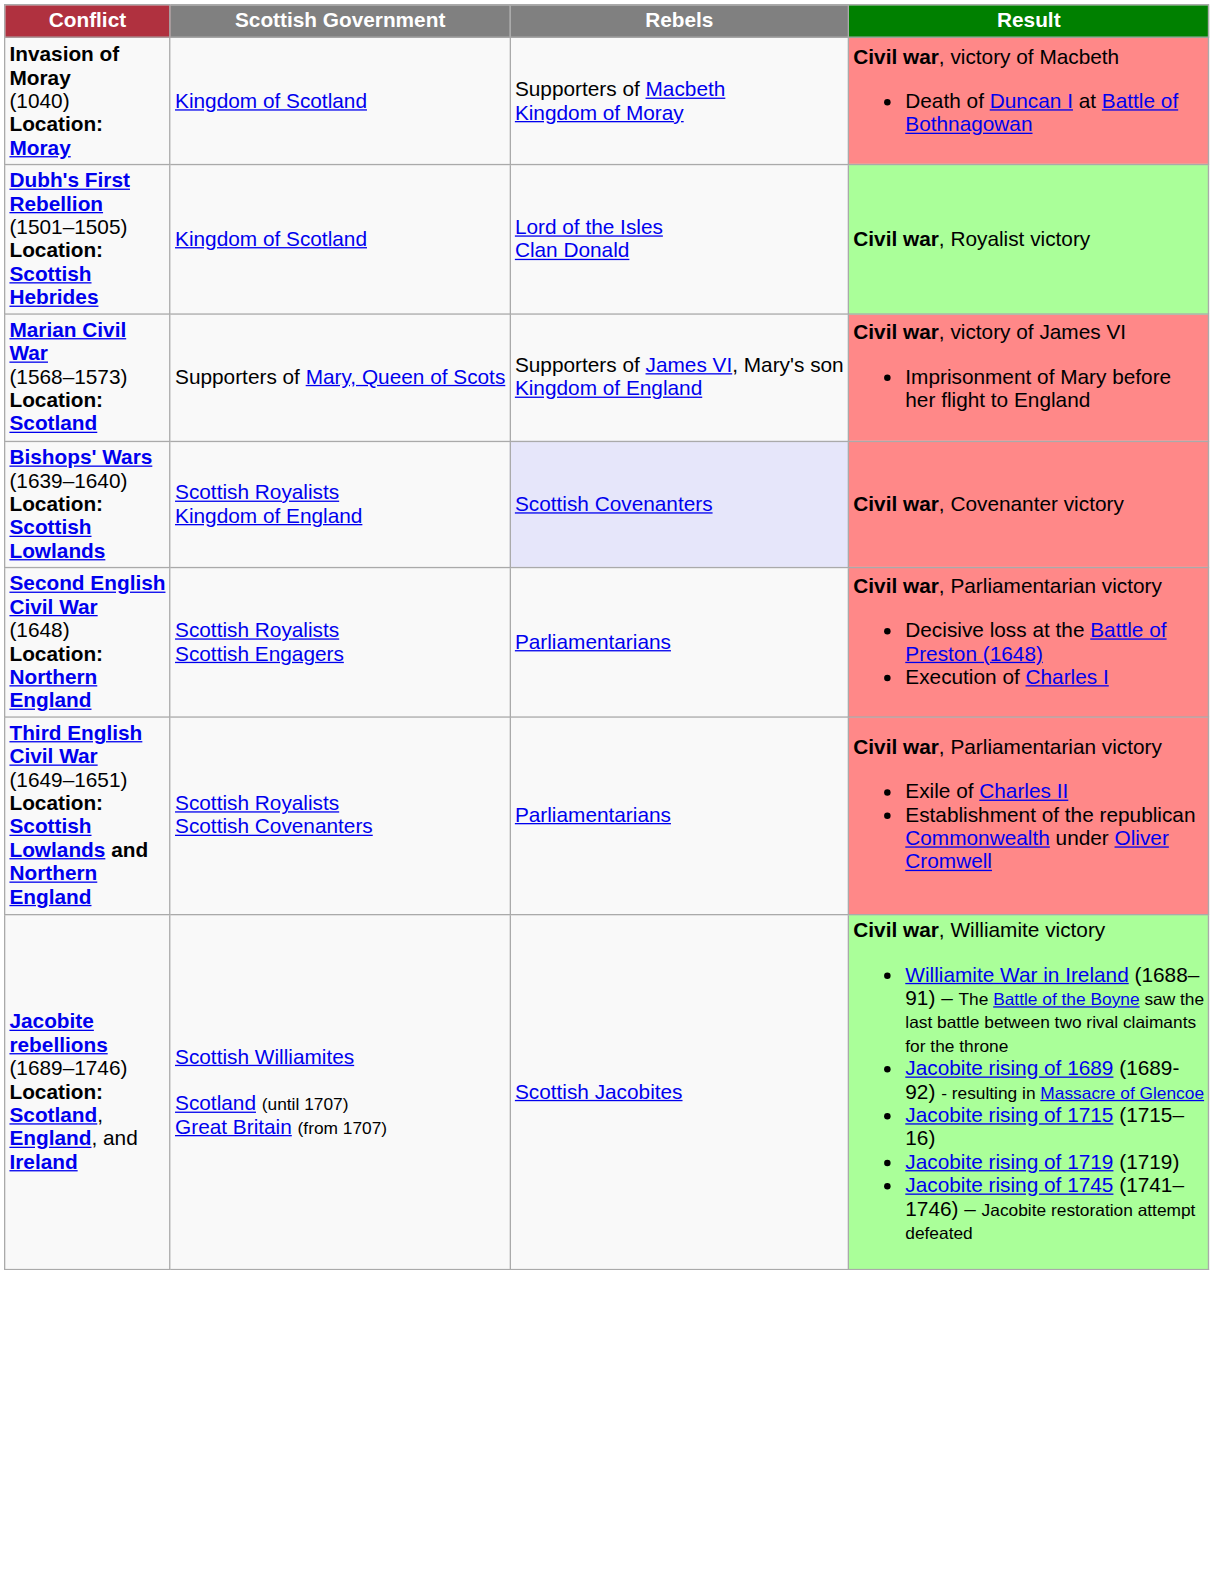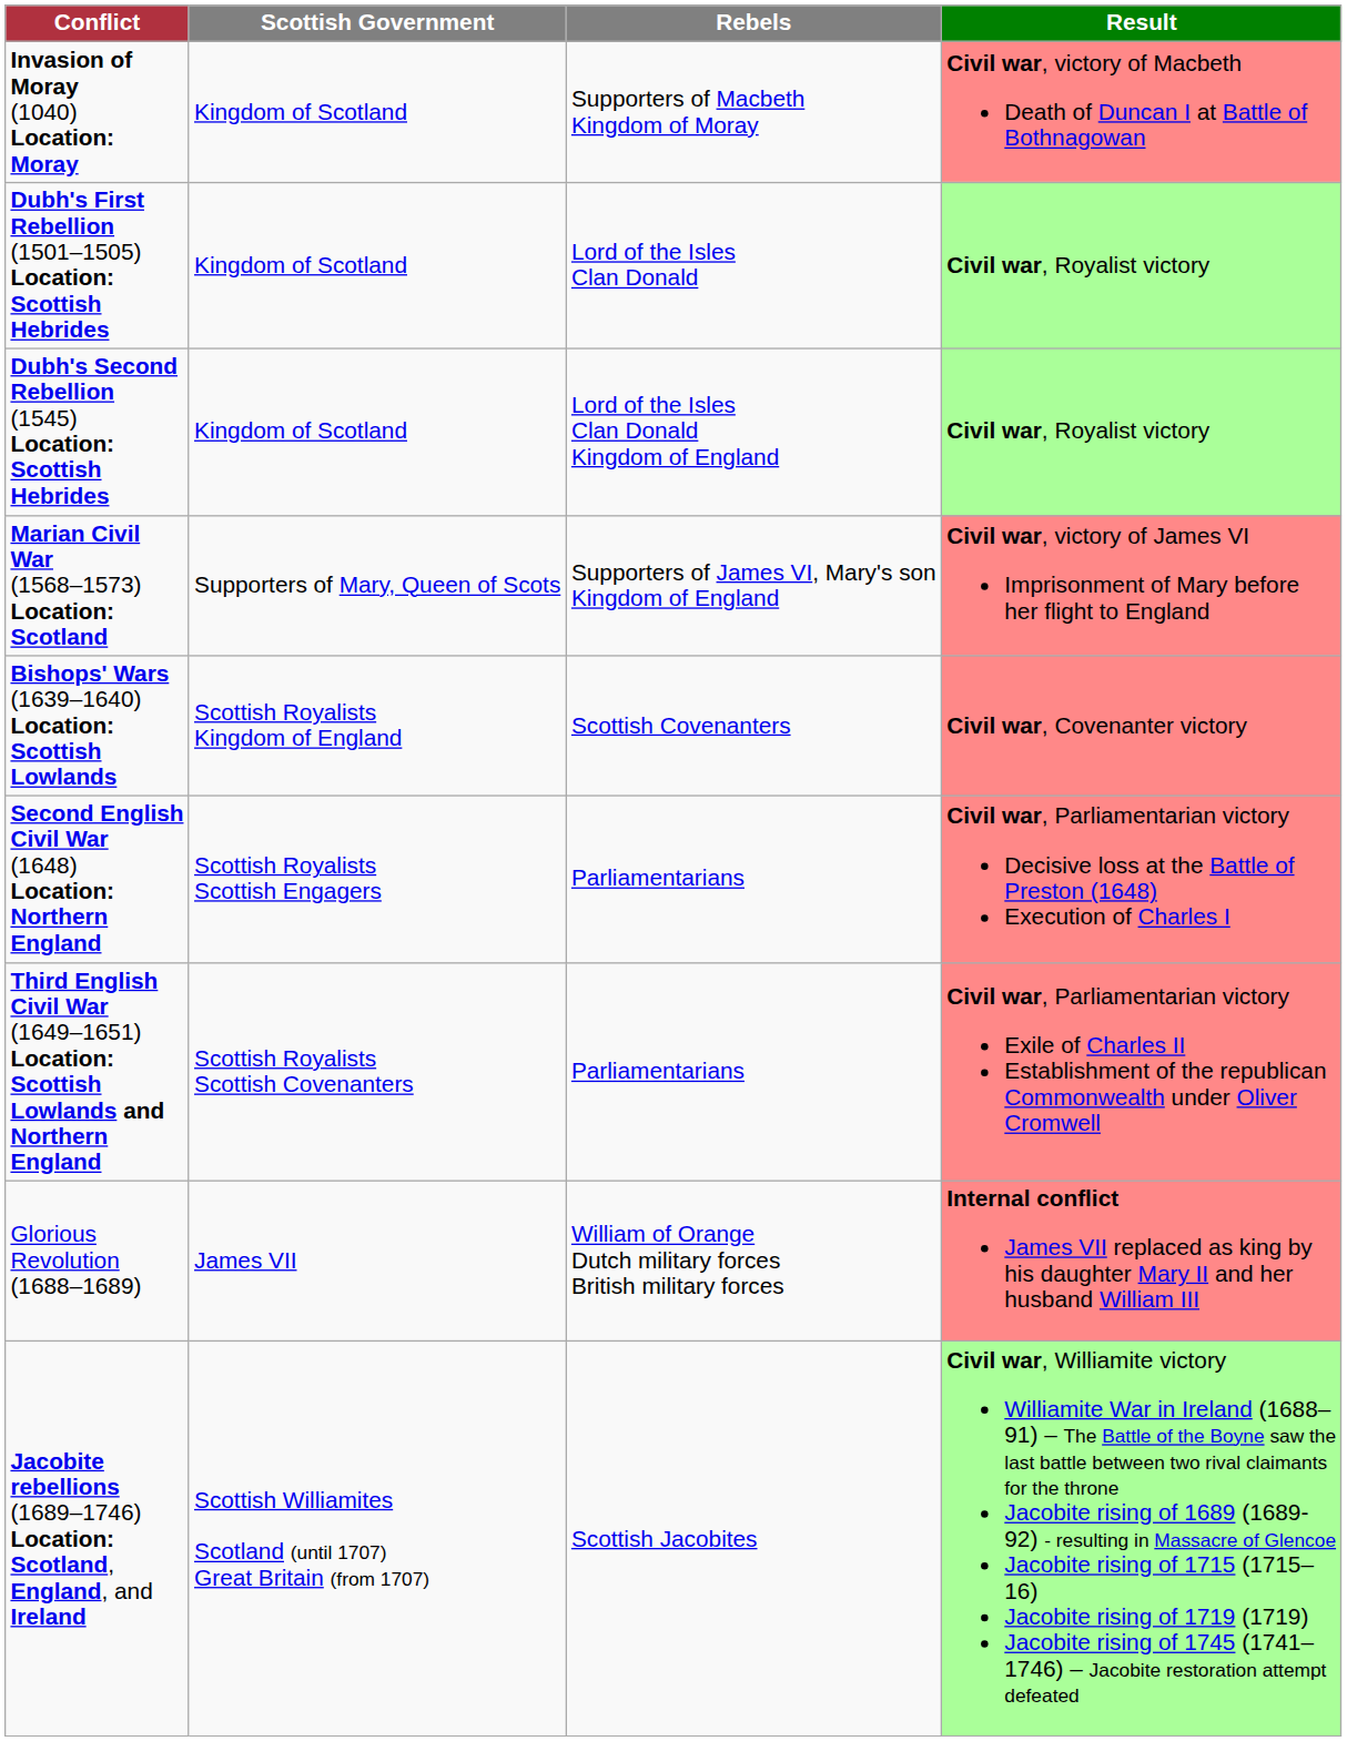 <table class="wikitable">
 <tr>
 <th style="color: white; background:#b0313f; width:120px;">Conflict</th>
 <th style="color: white; background:gray;">Scottish Government</th>
 <th style="color: white; background:gray;">Rebels</th>
 <th style="color: white; background:green; width:270px;">Result</th>
 </tr>
 <tr>
 <td><strong>Invasion of Moray</strong><br>(1040)<br><strong>Location: <a href='#'>Moray</a></strong></td>
 <td> <a href='#'>Kingdom of Scotland</a></td>
 <td>Supporters of <a href='#'>Macbeth</a><br><a href='#'>Kingdom of Moray</a></td>
 <td style="Background:#F88"><strong>Civil war</strong>, victory of Macbeth<br><ul><li>Death of <a href='#'>Duncan I</a> at <a href='#'>Battle of Bothnagowan</a></li></ul></td>
 </tr>
 <tr>
 <td><strong><a href='#'>Dubh's First Rebellion</a></strong><br>(1501–1505)<br><strong>Location: <a href='#'>Scottish Hebrides</a></strong></td>
 <td> <a href='#'>Kingdom of Scotland</a></td>
 <td> <a href='#'>Lord of the Isles</a><br> <a href='#'>Clan Donald</a></td>
 <td style="Background:#AF9"><strong>Civil war</strong>, Royalist victory</td>
 </tr>
 <tr>
+<td><strong><a href='#'>Dubh's Second Rebellion</a></strong><br>(1545)<br><strong>Location: <a href='#'>Scottish Hebrides</a></strong></td>
+<td> <a href='#'>Kingdom of Scotland</a></td>
+<td> <a href='#'>Lord of the Isles</a><br> <a href='#'>Clan Donald</a><br> <a href='#'>Kingdom of England</a></td>
+<td style="Background:#AF9"><strong>Civil war</strong>, Royalist victory</td>
+</tr>
+<tr>
 <td><strong><a href='#'>Marian Civil War</a></strong><br>(1568–1573)<br><strong>Location: <a href='#'>Scotland</a></strong></td>
 <td> Supporters of <a href='#'>Mary, Queen of Scots</a></td>
 <td> Supporters of <a href='#'>James VI</a>, Mary's son<br> <a href='#'>Kingdom of England</a></td>
 <td style="Background:#F88"><strong>Civil war</strong>, victory of James VI<br><ul><li>Imprisonment of Mary before her flight to England</li></ul></td>
 </tr>
 <tr>
 <td><strong><a href='#'>Bishops' Wars</a></strong><br>(1639–1640)<br><strong>Location: <a href='#'>Scottish Lowlands</a></strong></td>
 <td> <a href='#'>Scottish Royalists</a><br> <a href='#'>Kingdom of England</a></td>
-<td style="background: lavender;"> <a href='#'>Scottish Covenanters</a></td>
+<td> <a href='#'>Scottish Covenanters</a></td>
 <td style="Background:#F88"><strong>Civil war</strong>, Covenanter victory</td>
 </tr>
 <tr>
 <td><strong><a href='#'>Second English Civil War</a></strong><br>(1648)<br><strong>Location: <a href='#'>Northern England</a></strong></td>
 <td> <a href='#'>Scottish Royalists</a><br> <a href='#'>Scottish Engagers</a></td>
 <td> <a href='#'>Parliamentarians</a></td>
 <td style="Background:#F88"><strong>Civil war</strong>, Parliamentarian victory<br><ul><li>Decisive loss at the <a href='#'>Battle of Preston (1648)</a></li><li>Execution of <a href='#'>Charles I</a></li></ul></td>
 </tr>
 <tr>
 <td><strong><a href='#'>Third English Civil War</a></strong><br>(1649–1651)<br><strong>Location: <a href='#'>Scottish Lowlands</a> and <a href='#'>Northern England</a></strong></td>
 <td> <a href='#'>Scottish Royalists</a><br> <a href='#'>Scottish Covenanters</a></td>
 <td> <a href='#'>Parliamentarians</a></td>
 <td style="Background:#F88"><strong>Civil war</strong>, Parliamentarian victory<br><ul><li>Exile of <a href='#'>Charles II</a></li><li>Establishment of the republican <a href='#'>Commonwealth</a> under <a href='#'>Oliver Cromwell</a></li></ul></td>
 </tr>
 <tr>
+<td><a href='#'>Glorious Revolution</a><br>(1688–1689)<br></td>
+<td> <a href='#'>James VII</a></td>
+<td><a href='#'>William of Orange</a><br>Dutch military forces<br>British military forces</td>
+<td style="Background:#F88"><strong>Internal conflict</strong><br><ul><li><a href='#'>James VII</a> replaced as king by his daughter <a href='#'>Mary II</a> and her husband <a href='#'>William III</a></li></ul></td>
+</tr>
+<tr>
 <td><strong><a href='#'>Jacobite rebellions</a></strong><br>(1689–1746)<br><strong>Location: <a href='#'>Scotland</a></strong>, <strong><a href='#'>England</a></strong>, and <strong><a href='#'>Ireland</a></strong></td>
 <td> <a href='#'>Scottish Williamites</a><br><br> <a href='#'>Scotland</a> <small>(until 1707)</small><br>  <a href='#'>Great Britain</a> <small>(from 1707)</small></td>
 <td> <a href='#'>Scottish Jacobites</a></td>
 <td style="Background:#AF9"><strong>Civil war</strong>, Williamite victory<br><ul><li><a href='#'>Williamite War in Ireland</a> (1688–91) – <small>The <a href='#'>Battle of the Boyne</a> saw the last battle between two rival claimants for the throne</small></li><li><a href='#'>Jacobite rising of 1689</a> (1689-92) <small>- resulting in <a href='#'>Massacre of Glencoe</a></small></li><li><a href='#'>Jacobite rising of 1715</a> (1715–16)</li><li><a href='#'>Jacobite rising of 1719</a> (1719)</li><li><a href='#'>Jacobite rising of 1745</a> (1741–1746) – <small>Jacobite restoration attempt defeated</small></li></ul></td>
 </tr>
 </table>
